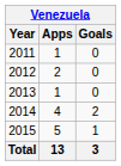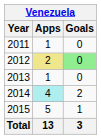 <table class="wikitable" style="text-align:center">
 <tr>
 <th colspan=3><a href='#'>Venezuela</a></th>
 </tr>
 <tr>
 <th>Year</th>
 <th>Apps</th>
 <th>Goals</th>
 </tr>
 <tr>
 <td>2011</td>
 <td>1</td>
 <td>0</td>
 </tr>
 <tr>
 <td>2012</td>
-<td>2</td>
-<td>0</td>
+<td style="background: khaki;">2</td>
+<td style="background: lightgreen;">0</td>
 </tr>
 <tr>
 <td>2013</td>
 <td>1</td>
 <td>0</td>
 </tr>
 <tr>
 <td>2014</td>
-<td>4</td>
+<td style="background: paleturquoise;">4</td>
 <td>2</td>
 </tr>
 <tr>
 <td>2015</td>
 <td>5</td>
 <td>1</td>
 </tr>
 <tr>
 <th>Total</th>
 <th>13</th>
 <th>3</th>
 </tr>
 </table>
